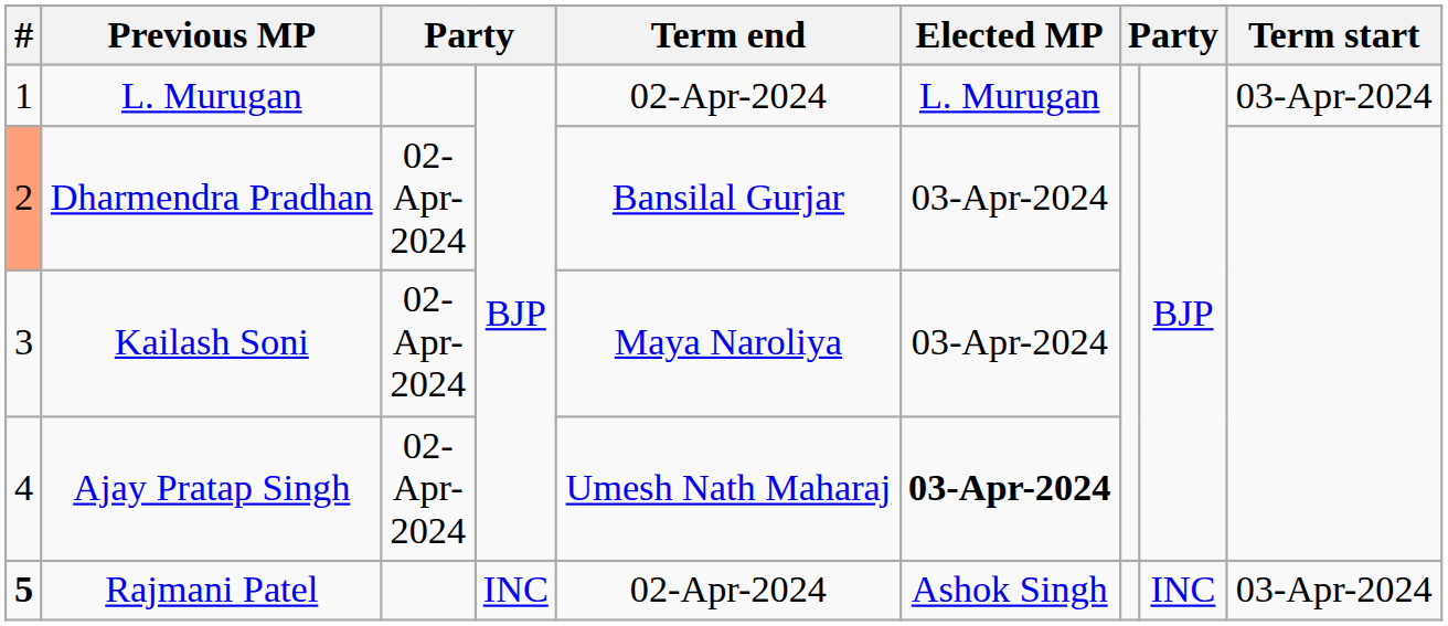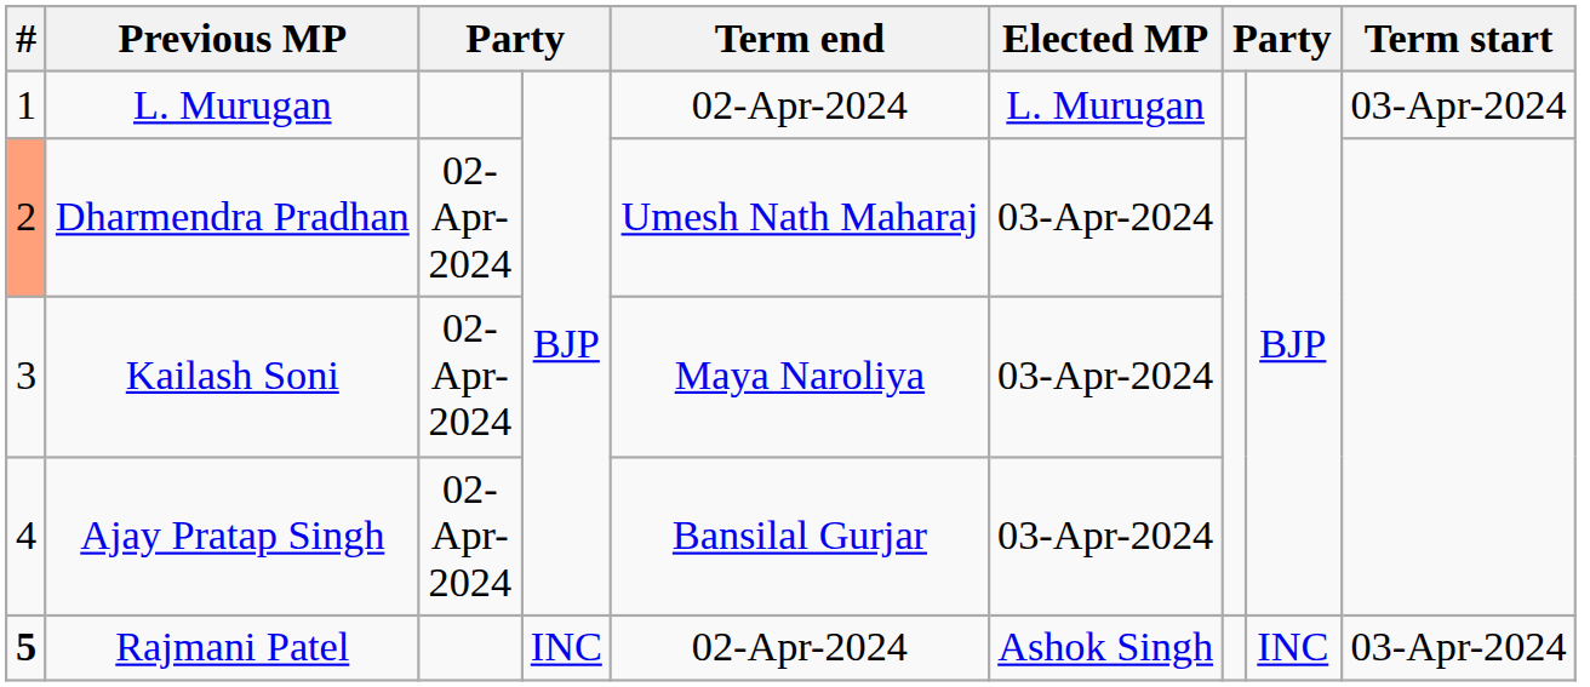 <table class="wikitable" style="text-align:center;">
 <tr>
 <th>#</th>
 <th>Previous MP</th>
 <th colspan="2">Party</th>
 <th>Term end</th>
 <th>Elected MP</th>
 <th colspan="2">Party</th>
 <th>Term start</th>
 </tr>
 <tr>
 <td>1</td>
 <td><a href='#'>L. Murugan</a></td>
 <td width="1px"></td>
 <td rowspan=4><a href='#'>BJP</a></td>
 <td>02-Apr-2024</td>
 <td><a href='#'>L. Murugan</a></td>
 <td width="1px"></td>
 <td rowspan=4><a href='#'>BJP</a></td>
 <td>03-Apr-2024</td>
 </tr>
 <tr>
 <td style="background: lightsalmon;">2</td>
 <td><a href='#'>Dharmendra Pradhan</a></td>
 <td>02-Apr-2024</td>
-<td><a href='#'>Bansilal Gurjar</a></td>
+<td><a href='#'>Umesh Nath Maharaj</a></td>
 <td>03-Apr-2024</td>
 </tr>
 <tr>
 <td>3</td>
 <td><a href='#'>Kailash Soni</a></td>
 <td>02-Apr-2024</td>
 <td><a href='#'>Maya Naroliya</a></td>
 <td>03-Apr-2024</td>
 </tr>
 <tr>
 <td>4</td>
 <td><a href='#'>Ajay Pratap Singh</a></td>
 <td>02-Apr-2024</td>
-<td><a href='#'>Umesh Nath Maharaj</a></td>
-<td><strong>03-Apr-2024</strong></td>
+<td><a href='#'>Bansilal Gurjar</a></td>
+<td>03-Apr-2024</td>
 </tr>
 <tr>
 <td><strong>5</strong></td>
 <td><a href='#'>Rajmani Patel</a></td>
 <td width="1px"></td>
 <td><a href='#'>INC</a></td>
 <td>02-Apr-2024</td>
 <td><a href='#'>Ashok Singh</a></td>
 <td width="1px"></td>
 <td><a href='#'>INC</a></td>
 <td>03-Apr-2024</td>
 </tr>
 </table>
